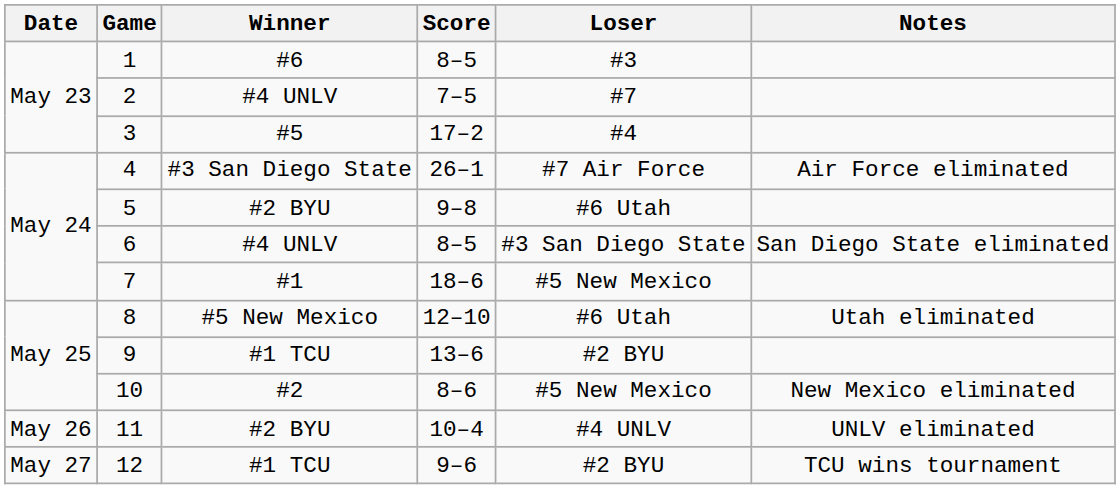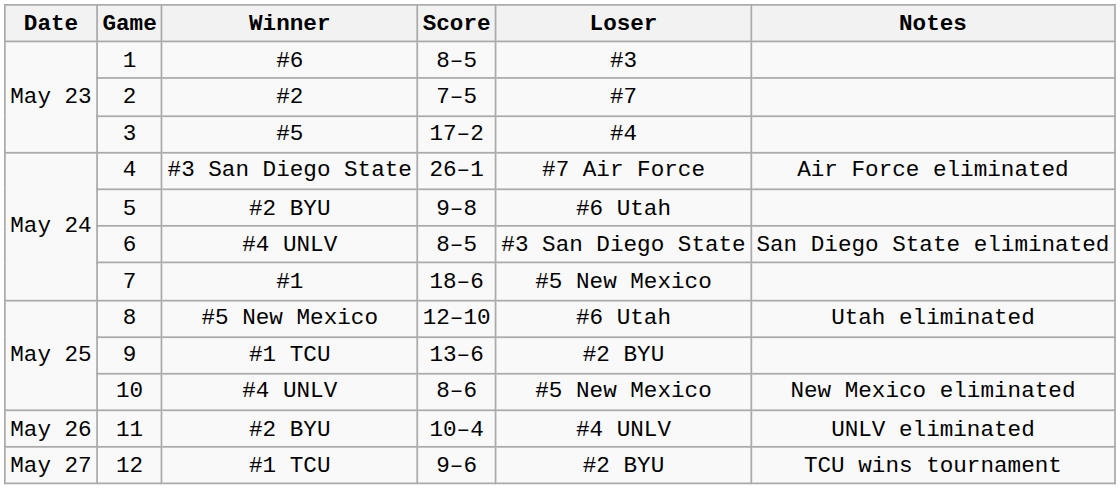 <table class="wikitable">
 <tr>
 <th>Date</th>
 <th>Game</th>
 <th>Winner</th>
 <th>Score</th>
 <th>Loser</th>
 <th>Notes</th>
 </tr>
 <tr align=center>
 <td rowspan=3>May 23</td>
 <td>1</td>
 <td>#6 </td>
 <td>8–5</td>
 <td>#3 </td>
 <td></td>
 </tr>
 <tr align=center>
 <td>2</td>
-<td>#4 UNLV</td>
+<td>#2 </td>
 <td>7–5</td>
 <td>#7 </td>
 <td></td>
 </tr>
 <tr align=center>
 <td>3</td>
 <td>#5 </td>
 <td>17–2</td>
 <td>#4 </td>
 <td></td>
 </tr>
 <tr align=center>
 <td rowspan=4>May 24</td>
 <td>4</td>
 <td>#3 San Diego State</td>
 <td>26–1</td>
 <td>#7 Air Force</td>
 <td>Air Force eliminated</td>
 </tr>
 <tr align=center>
 <td>5</td>
 <td>#2 BYU</td>
 <td>9–8</td>
 <td>#6 Utah</td>
 <td></td>
 </tr>
 <tr align=center>
 <td>6</td>
 <td>#4 UNLV</td>
 <td>8–5</td>
 <td>#3 San Diego State</td>
 <td>San Diego State eliminated</td>
 </tr>
 <tr align=center>
 <td>7</td>
 <td>#1 </td>
 <td>18–6</td>
 <td>#5 New Mexico</td>
 <td></td>
 </tr>
 <tr align=center>
 <td rowspan=3>May 25</td>
 <td>8</td>
 <td>#5 New Mexico</td>
 <td>12–10</td>
 <td>#6 Utah</td>
 <td>Utah eliminated</td>
 </tr>
 <tr align=center>
 <td>9</td>
 <td>#1 TCU</td>
 <td>13–6</td>
 <td>#2 BYU</td>
 <td></td>
 </tr>
 <tr align=center>
 <td>10</td>
-<td>#2 </td>
+<td>#4 UNLV</td>
 <td>8–6</td>
 <td>#5 New Mexico</td>
 <td>New Mexico eliminated</td>
 </tr>
 <tr align=center>
 <td>May 26</td>
 <td>11</td>
 <td>#2 BYU</td>
 <td>10–4</td>
 <td>#4 UNLV</td>
 <td>UNLV eliminated</td>
 </tr>
 <tr align=center>
 <td>May 27</td>
 <td>12</td>
 <td>#1 TCU</td>
 <td>9–6</td>
 <td>#2 BYU</td>
 <td>TCU wins tournament</td>
 </tr>
 </table>
